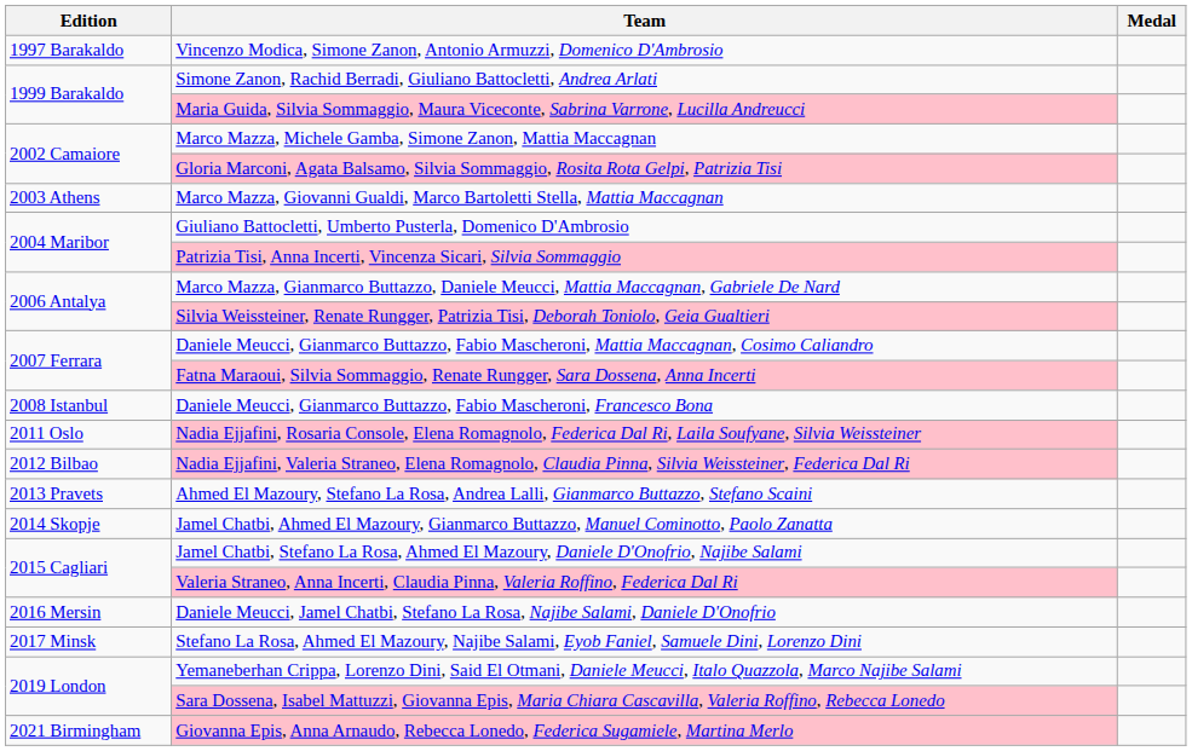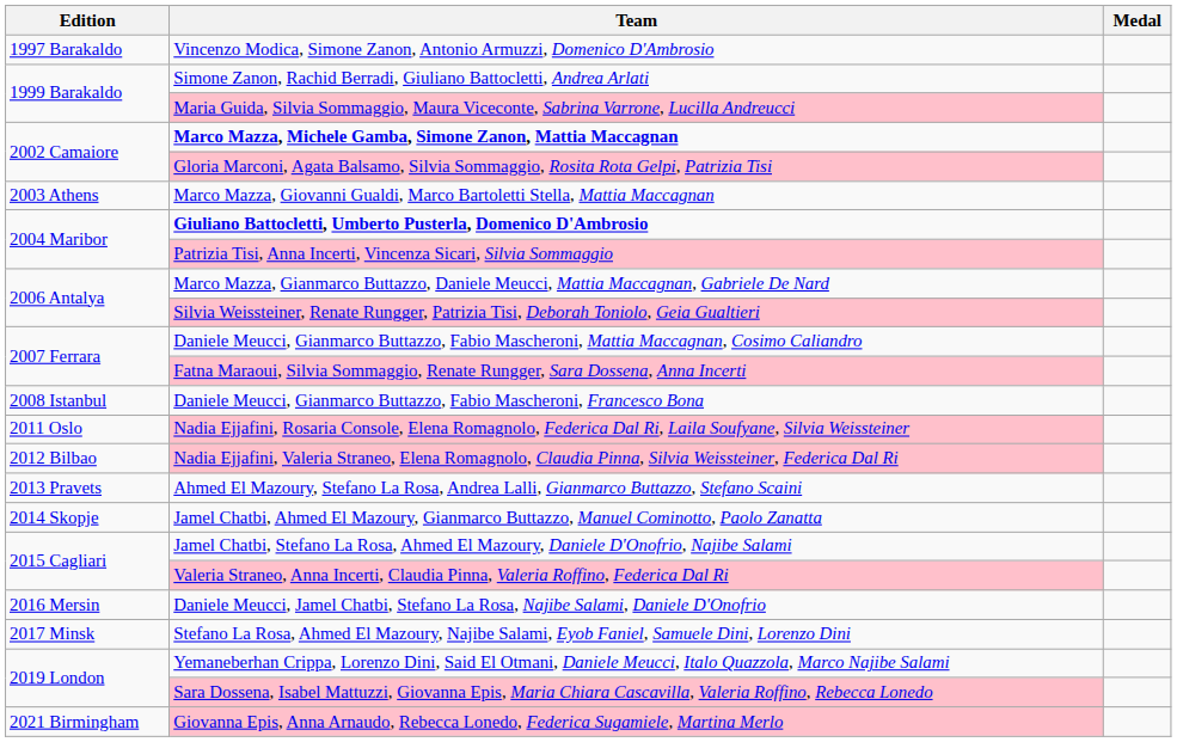 <table class="wikitable sortable" width=75% style="font-size:90%; text-align:left;">
 <tr>
 <th>Edition</th>
 <th>Team</th>
 <th>Medal</th>
 </tr>
 <tr>
 <td><a href='#'>1997 Barakaldo</a></td>
 <td><a href='#'>Vincenzo Modica</a>, <a href='#'>Simone Zanon</a>, <a href='#'>Antonio Armuzzi</a>, <em><a href='#'>Domenico D'Ambrosio</a></em></td>
 <td align=center></td>
 </tr>
 <tr>
 <td rowspan=2><a href='#'>1999 Barakaldo</a></td>
 <td><a href='#'>Simone Zanon</a>, <a href='#'>Rachid Berradi</a>, <a href='#'>Giuliano Battocletti</a>, <em><a href='#'>Andrea Arlati</a></em></td>
 <td align=center></td>
 </tr>
 <tr>
 <td bgcolor=pink><a href='#'>Maria Guida</a>, <a href='#'>Silvia Sommaggio</a>, <a href='#'>Maura Viceconte</a>, <em><a href='#'>Sabrina Varrone</a></em>, <em><a href='#'>Lucilla Andreucci</a></em></td>
 <td align=center></td>
 </tr>
 <tr>
 <td rowspan=2><a href='#'>2002 Camaiore</a></td>
-<td><a href='#'>Marco Mazza</a>, <a href='#'>Michele Gamba</a>, <a href='#'>Simone Zanon</a>, <a href='#'>Mattia Maccagnan</a></td>
+<td><strong><a href='#'>Marco Mazza</a>, <a href='#'>Michele Gamba</a>, <a href='#'>Simone Zanon</a>, <a href='#'>Mattia Maccagnan</a></strong></td>
 <td align=center></td>
 </tr>
 <tr>
 <td bgcolor=pink><a href='#'>Gloria Marconi</a>, <a href='#'>Agata Balsamo</a>, <a href='#'>Silvia Sommaggio</a>, <em><a href='#'>Rosita Rota Gelpi</a></em>, <em><a href='#'>Patrizia Tisi</a></em></td>
 <td align=center></td>
 </tr>
 <tr>
 <td><a href='#'>2003 Athens</a></td>
 <td><a href='#'>Marco Mazza</a>, <a href='#'>Giovanni Gualdi</a>, <a href='#'>Marco Bartoletti Stella</a>, <em><a href='#'>Mattia Maccagnan</a></em></td>
 <td align=center></td>
 </tr>
 <tr>
 <td rowspan=2><a href='#'>2004 Maribor</a></td>
-<td><a href='#'>Giuliano Battocletti</a>, <a href='#'>Umberto Pusterla</a>, <a href='#'>Domenico D'Ambrosio</a></td>
+<td><strong><a href='#'>Giuliano Battocletti</a>, <a href='#'>Umberto Pusterla</a>, <a href='#'>Domenico D'Ambrosio</a></strong></td>
 <td align=center></td>
 </tr>
 <tr>
 <td bgcolor=pink><a href='#'>Patrizia Tisi</a>, <a href='#'>Anna Incerti</a>, <a href='#'>Vincenza Sicari</a>, <em><a href='#'>Silvia Sommaggio</a></em></td>
 <td align=center></td>
 </tr>
 <tr>
 <td rowspan=2><a href='#'>2006 Antalya</a></td>
 <td><a href='#'>Marco Mazza</a>, <a href='#'>Gianmarco Buttazzo</a>, <a href='#'>Daniele Meucci</a>, <em><a href='#'>Mattia Maccagnan</a></em>, <em><a href='#'>Gabriele De Nard</a></em></td>
 <td align=center></td>
 </tr>
 <tr>
 <td bgcolor=pink><a href='#'>Silvia Weissteiner</a>, <a href='#'>Renate Rungger</a>, <a href='#'>Patrizia Tisi</a>, <em><a href='#'>Deborah Toniolo</a></em>, <em><a href='#'>Geia Gualtieri</a></em></td>
 <td align=center></td>
 </tr>
 <tr>
 <td rowspan=2><a href='#'>2007 Ferrara</a></td>
 <td><a href='#'>Daniele Meucci</a>, <a href='#'>Gianmarco Buttazzo</a>, <a href='#'>Fabio Mascheroni</a>, <em><a href='#'>Mattia Maccagnan</a></em>, <em><a href='#'>Cosimo Caliandro</a></em></td>
 <td align=center></td>
 </tr>
 <tr>
 <td bgcolor=pink><a href='#'>Fatna Maraoui</a>, <a href='#'>Silvia Sommaggio</a>, <a href='#'>Renate Rungger</a>, <em><a href='#'>Sara Dossena</a></em>, <em><a href='#'>Anna Incerti</a></em></td>
 <td align=center></td>
 </tr>
 <tr>
 <td><a href='#'>2008 Istanbul</a></td>
 <td><a href='#'>Daniele Meucci</a>, <a href='#'>Gianmarco Buttazzo</a>, <a href='#'>Fabio Mascheroni</a>, <em><a href='#'>Francesco Bona</a></em></td>
 <td align=center></td>
 </tr>
 <tr>
 <td><a href='#'>2011 Oslo</a></td>
 <td bgcolor=pink><a href='#'>Nadia Ejjafini</a>, <a href='#'>Rosaria Console</a>, <a href='#'>Elena Romagnolo</a>, <em><a href='#'>Federica Dal Ri</a></em>, <em><a href='#'>Laila Soufyane</a></em>, <em><a href='#'>Silvia Weissteiner</a></em></td>
 <td align=center></td>
 </tr>
 <tr>
 <td><a href='#'>2012 Bilbao</a></td>
 <td bgcolor=pink><a href='#'>Nadia Ejjafini</a>, <a href='#'>Valeria Straneo</a>, <a href='#'>Elena Romagnolo</a>, <em><a href='#'>Claudia Pinna</a></em>, <em><a href='#'>Silvia Weissteiner</a></em>, <em><a href='#'>Federica Dal Ri</a></em></td>
 <td align=center></td>
 </tr>
 <tr>
 <td><a href='#'>2013 Pravets</a></td>
 <td><a href='#'>Ahmed El Mazoury</a>, <a href='#'>Stefano La Rosa</a>, <a href='#'>Andrea Lalli</a>, <em><a href='#'>Gianmarco Buttazzo</a></em>, <em><a href='#'>Stefano Scaini</a></em></td>
 <td align=center></td>
 </tr>
 <tr>
 <td><a href='#'>2014 Skopje</a></td>
 <td><a href='#'>Jamel Chatbi</a>, <a href='#'>Ahmed El Mazoury</a>, <a href='#'>Gianmarco Buttazzo</a>, <em><a href='#'>Manuel Cominotto</a></em>, <em><a href='#'>Paolo Zanatta</a></em></td>
 <td align=center></td>
 </tr>
 <tr>
 <td rowspan=2><a href='#'>2015 Cagliari</a></td>
 <td><a href='#'>Jamel Chatbi</a>, <a href='#'>Stefano La Rosa</a>, <a href='#'>Ahmed El Mazoury</a>, <em><a href='#'>Daniele D'Onofrio</a></em>, <em><a href='#'>Najibe Salami</a></em></td>
 <td align=center></td>
 </tr>
 <tr>
 <td bgcolor=pink><a href='#'>Valeria Straneo</a>, <a href='#'>Anna Incerti</a>, <a href='#'>Claudia Pinna</a>, <em><a href='#'>Valeria Roffino</a></em>, <em><a href='#'>Federica Dal Ri</a></em></td>
 <td align=center></td>
 </tr>
 <tr>
 <td><a href='#'>2016 Mersin</a></td>
 <td><a href='#'>Daniele Meucci</a>, <a href='#'>Jamel Chatbi</a>, <a href='#'>Stefano La Rosa</a>, <em><a href='#'>Najibe Salami</a></em>, <em><a href='#'>Daniele D'Onofrio</a></em></td>
 <td align=center></td>
 </tr>
 <tr>
 <td><a href='#'>2017 Minsk</a></td>
 <td><a href='#'>Stefano La Rosa</a>, <a href='#'>Ahmed El Mazoury</a>, <a href='#'>Najibe Salami</a>, <em><a href='#'>Eyob Faniel</a></em>, <em><a href='#'>Samuele Dini</a></em>, <em><a href='#'>Lorenzo Dini</a></em></td>
 <td align=center></td>
 </tr>
 <tr>
 <td rowspan=2><a href='#'>2019 London</a></td>
 <td><a href='#'>Yemaneberhan Crippa</a>, <a href='#'>Lorenzo Dini</a>, <a href='#'>Said El Otmani</a>, <em><a href='#'>Daniele Meucci</a></em>, <em><a href='#'>Italo Quazzola</a></em>, <em><a href='#'>Marco Najibe Salami</a></em></td>
 <td align=center></td>
 </tr>
 <tr>
 <td bgcolor=pink><a href='#'>Sara Dossena</a>, <a href='#'>Isabel Mattuzzi</a>, <a href='#'>Giovanna Epis</a>, <em><a href='#'>Maria Chiara Cascavilla</a></em>, <em><a href='#'>Valeria Roffino</a></em>, <em><a href='#'>Rebecca Lonedo</a></em></td>
 <td align=center></td>
 </tr>
 <tr>
 <td><a href='#'>2021 Birmingham</a></td>
 <td bgcolor=pink><a href='#'>Giovanna Epis</a>, <a href='#'>Anna Arnaudo</a>, <a href='#'>Rebecca Lonedo</a>, <em><a href='#'>Federica Sugamiele</a></em>, <em><a href='#'>Martina Merlo</a></em></td>
 <td align=center></td>
 </tr>
 </table>
